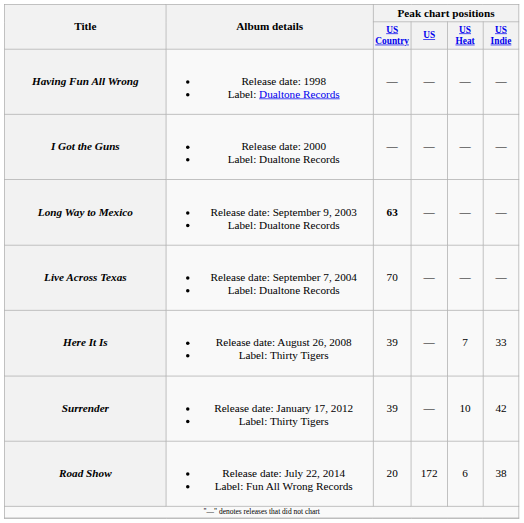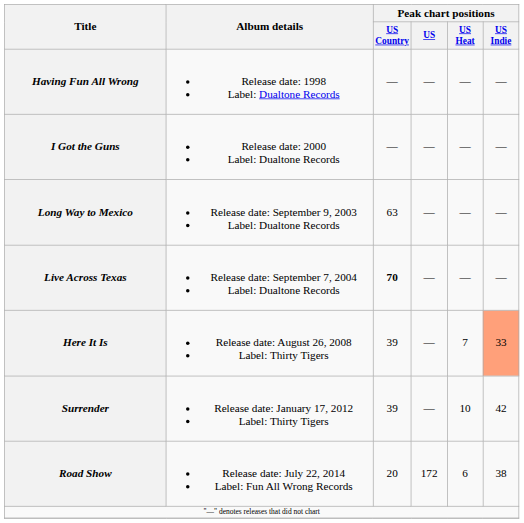 <table class="wikitable plainrowheaders" style="text-align:center;">
 <tr>
 <th rowspan="2" style="width:14em;">Title</th>
 <th rowspan="2" style="width:18em;">Album details</th>
 <th colspan="4">Peak chart positions</th>
 </tr>
 <tr style="font-size:smaller;">
 <th width="45"><a href='#'>US Country</a></th>
 <th width="45"><a href='#'>US</a></th>
 <th width="45"><a href='#'>US<br>Heat</a></th>
 <th width="45"><a href='#'>US<br>Indie</a></th>
 </tr>
 <tr>
 <th scope="row"><em>Having Fun All Wrong</em></th>
 <td><br><ul><li>Release date: 1998</li><li>Label: <a href='#'>Dualtone Records</a></li></ul></td>
 <td>—</td>
 <td>—</td>
 <td>—</td>
 <td>—</td>
 </tr>
 <tr>
 <th scope="row"><em>I Got the Guns</em></th>
 <td><br><ul><li>Release date: 2000</li><li>Label: Dualtone Records</li></ul></td>
 <td>—</td>
 <td>—</td>
 <td>—</td>
 <td>—</td>
 </tr>
 <tr>
 <th scope="row"><em>Long Way to Mexico</em></th>
 <td><br><ul><li>Release date: September 9, 2003</li><li>Label: Dualtone Records</li></ul></td>
-<td><strong>63</strong></td>
+<td>63</td>
 <td>—</td>
 <td>—</td>
 <td>—</td>
 </tr>
 <tr>
 <th scope="row"><em>Live Across Texas</em></th>
 <td><br><ul><li>Release date: September 7, 2004</li><li>Label: Dualtone Records</li></ul></td>
-<td>70</td>
+<td><strong>70</strong></td>
 <td>—</td>
 <td>—</td>
 <td>—</td>
 </tr>
 <tr>
 <th scope="row"><em>Here It Is</em></th>
 <td><br><ul><li>Release date: August 26, 2008</li><li>Label: Thirty Tigers</li></ul></td>
 <td>39</td>
 <td>—</td>
 <td>7</td>
-<td>33</td>
+<td style="background: lightsalmon;">33</td>
 </tr>
 <tr>
 <th scope="row"><em>Surrender</em></th>
 <td><br><ul><li>Release date: January 17, 2012</li><li>Label: Thirty Tigers</li></ul></td>
 <td>39</td>
 <td>—</td>
 <td>10</td>
 <td>42</td>
 </tr>
 <tr>
 <th scope="row"><em>Road Show</em></th>
 <td><br><ul><li>Release date: July 22, 2014</li><li>Label: Fun All Wrong Records</li></ul></td>
 <td>20</td>
 <td>172</td>
 <td>6</td>
 <td>38</td>
 </tr>
 <tr>
 <td colspan="6" style="font-size:8pt">"—" denotes releases that did not chart</td>
 </tr>
 <tr>
 </tr>
 </table>
